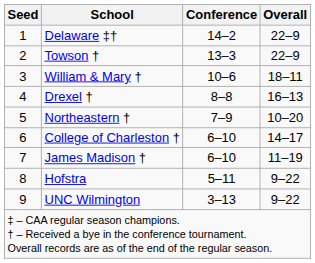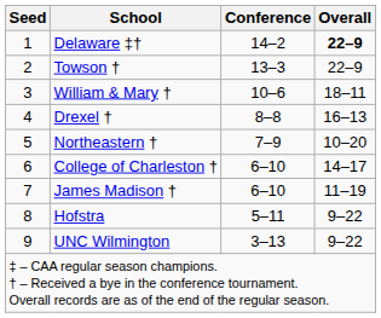 <table class="wikitable" style="white-space:nowrap; font-size:90%;text-align:center">
 <tr>
 <th>Seed</th>
 <th>School</th>
 <th>Conference</th>
 <th>Overall</th>
 </tr>
 <tr>
 <td>1</td>
 <td align=left><a href='#'>Delaware</a> ‡†</td>
 <td>14–2</td>
-<td>22–9</td>
+<td><strong>22–9</strong></td>
 </tr>
 <tr>
 <td>2</td>
 <td align=left><a href='#'>Towson</a> †</td>
 <td>13–3</td>
 <td>22–9</td>
 </tr>
 <tr>
 <td>3</td>
 <td align=left><a href='#'>William & Mary</a> †</td>
 <td>10–6</td>
 <td>18–11</td>
 </tr>
 <tr>
 <td>4</td>
 <td align=left><a href='#'>Drexel</a> †</td>
 <td>8–8</td>
 <td>16–13</td>
 </tr>
 <tr>
 <td>5</td>
 <td align=left><a href='#'>Northeastern</a> †</td>
 <td>7–9</td>
 <td>10–20</td>
 </tr>
 <tr>
 <td>6</td>
 <td align=left><a href='#'>College of Charleston</a> †</td>
 <td>6–10</td>
 <td>14–17</td>
 </tr>
 <tr>
 <td>7</td>
 <td align=left><a href='#'>James Madison</a> †</td>
 <td>6–10</td>
 <td>11–19</td>
 </tr>
 <tr>
 <td>8</td>
 <td align=left><a href='#'>Hofstra</a></td>
 <td>5–11</td>
 <td>9–22</td>
 </tr>
 <tr>
 <td>9</td>
 <td align=left><a href='#'>UNC Wilmington</a></td>
 <td>3–13</td>
 <td>9–22</td>
 </tr>
 <tr>
 <td colspan=4 align=left><small>‡ – CAA regular season champions.<br>† – Received a bye in the conference tournament.<br>Overall records are as of the end of the regular season.</small></td>
 </tr>
 </table>
